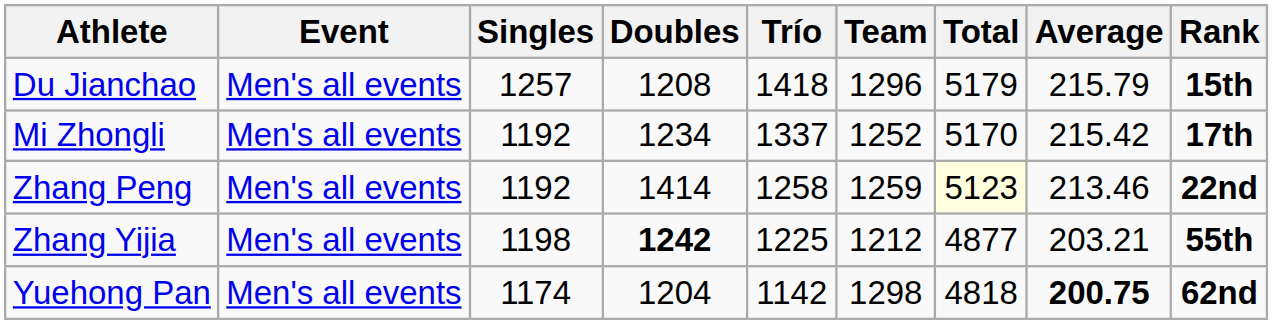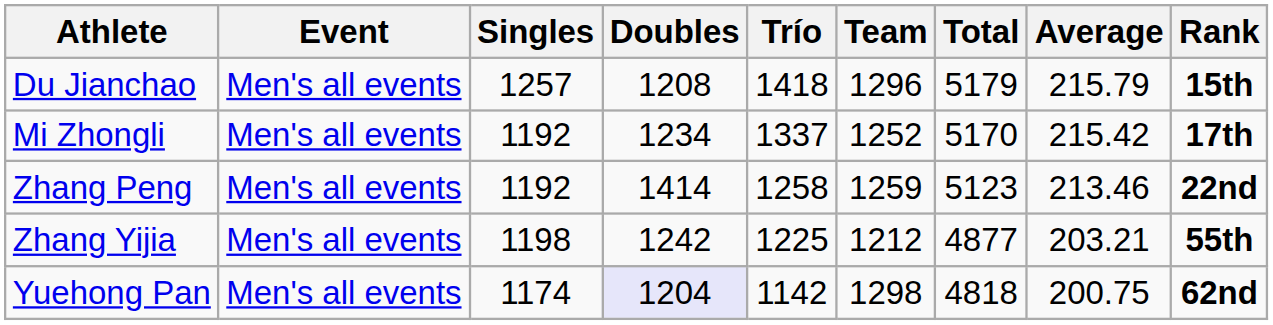 <table class="wikitable" style="font-size:90%;">
 <tr>
 <th>Athlete</th>
 <th>Event</th>
 <th>Singles</th>
 <th>Doubles</th>
 <th>Trío</th>
 <th>Team</th>
 <th>Total</th>
 <th>Average</th>
 <th>Rank</th>
 </tr>
 <tr>
 <td><a href='#'>Du Jianchao</a></td>
 <td><a href='#'>Men's all events</a></td>
 <td align=center>1257</td>
 <td align=center>1208</td>
 <td align=center>1418</td>
 <td align=center>1296</td>
 <td align=center>5179</td>
 <td align=center>215.79</td>
 <td align=center><strong>15th</strong></td>
 </tr>
 <tr>
 <td><a href='#'>Mi Zhongli</a></td>
 <td><a href='#'>Men's all events</a></td>
 <td align=center>1192</td>
 <td align=center>1234</td>
 <td align=center>1337</td>
 <td align=center>1252</td>
 <td align=center>5170</td>
 <td align=center>215.42</td>
 <td align=center><strong>17th</strong></td>
 </tr>
 <tr>
 <td><a href='#'>Zhang Peng</a></td>
 <td><a href='#'>Men's all events</a></td>
 <td align=center>1192</td>
 <td align=center>1414</td>
 <td align=center>1258</td>
 <td align=center>1259</td>
-<td align=center style="background: lightyellow;">5123</td>
+<td align=center>5123</td>
 <td align=center>213.46</td>
 <td align=center><strong>22nd</strong></td>
 </tr>
 <tr>
 <td><a href='#'>Zhang Yijia</a></td>
 <td><a href='#'>Men's all events</a></td>
 <td align=center>1198</td>
-<td align=center><strong>1242</strong></td>
+<td align=center>1242</td>
 <td align=center>1225</td>
 <td align=center>1212</td>
 <td align=center>4877</td>
 <td align=center>203.21</td>
 <td align=center><strong>55th</strong></td>
 </tr>
 <tr>
 <td><a href='#'>Yuehong Pan</a></td>
 <td><a href='#'>Men's all events</a></td>
 <td align=center>1174</td>
-<td align=center>1204</td>
+<td align=center style="background: lavender;">1204</td>
 <td align=center>1142</td>
 <td align=center>1298</td>
 <td align=center>4818</td>
-<td align=center><strong>200.75</strong></td>
+<td align=center>200.75</td>
 <td align=center><strong>62nd</strong></td>
 </tr>
 </table>
